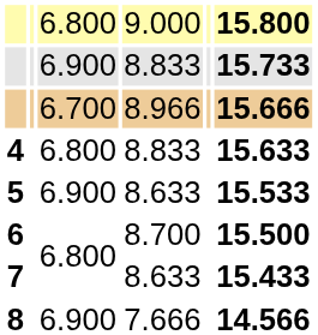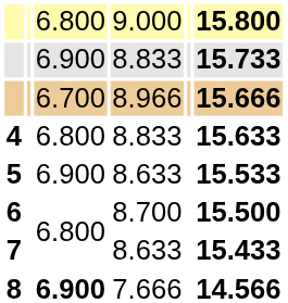 <table>
 <tr style="background:#fffcaf;">
 <th scope=row style="text-align:center"></th>
 <td style="text-align:left;"></td>
 <td>6.800</td>
 <td>9.000</td>
 <td></td>
 <td><strong>15.800</strong></td>
 </tr>
 <tr style="background:#e5e5e5;">
 <th scope=row style="text-align:center"></th>
 <td style="text-align:left;"></td>
 <td>6.900</td>
 <td>8.833</td>
 <td></td>
 <td><strong>15.733</strong></td>
 </tr>
 <tr style="background:#ec9;">
 <th scope=row style="text-align:center"></th>
 <td style="text-align:left;"></td>
 <td>6.700</td>
 <td>8.966</td>
 <td></td>
 <td><strong>15.666</strong></td>
 </tr>
 <tr>
 <th scope=row style="text-align:center">4</th>
 <td style="text-align:left;"></td>
 <td>6.800</td>
 <td>8.833</td>
 <td></td>
 <td><strong>15.633</strong></td>
 </tr>
 <tr>
 <th scope=row style="text-align:center">5</th>
 <td style="text-align:left;"></td>
 <td>6.900</td>
 <td>8.633</td>
 <td></td>
 <td><strong>15.533</strong></td>
 </tr>
 <tr>
 <th scope=row style="text-align:center">6</th>
 <td style="text-align:left;"></td>
 <td rowspan=2>6.800</td>
 <td>8.700</td>
 <td></td>
 <td><strong>15.500</strong></td>
 </tr>
 <tr>
 <th scope=row style="text-align:center">7</th>
 <td style="text-align:left;"></td>
 <td>8.633</td>
 <td></td>
 <td><strong>15.433</strong></td>
 </tr>
 <tr>
 <th scope=row style="text-align:center">8</th>
 <td style="text-align:left;"></td>
-<td>6.900</td>
+<td><strong>6.900</strong></td>
 <td>7.666</td>
 <td></td>
 <td><strong>14.566</strong></td>
 </tr>
 </table>
